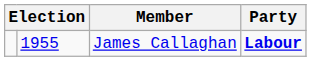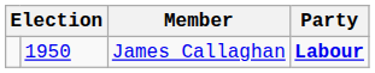 <table class="wikitable">
 <tr>
 <th colspan="2">Election</th>
 <th>Member</th>
 <th>Party</th>
 </tr>
 <tr>
 <td style="color:inherit;background-color: "></td>
-<td><a href='#'>1955</a></td>
+<td><a href='#'>1950</a></td>
 <td><a href='#'>James Callaghan</a></td>
 <td><strong><a href='#'>Labour</a></strong></td>
 </tr>
 </table>
